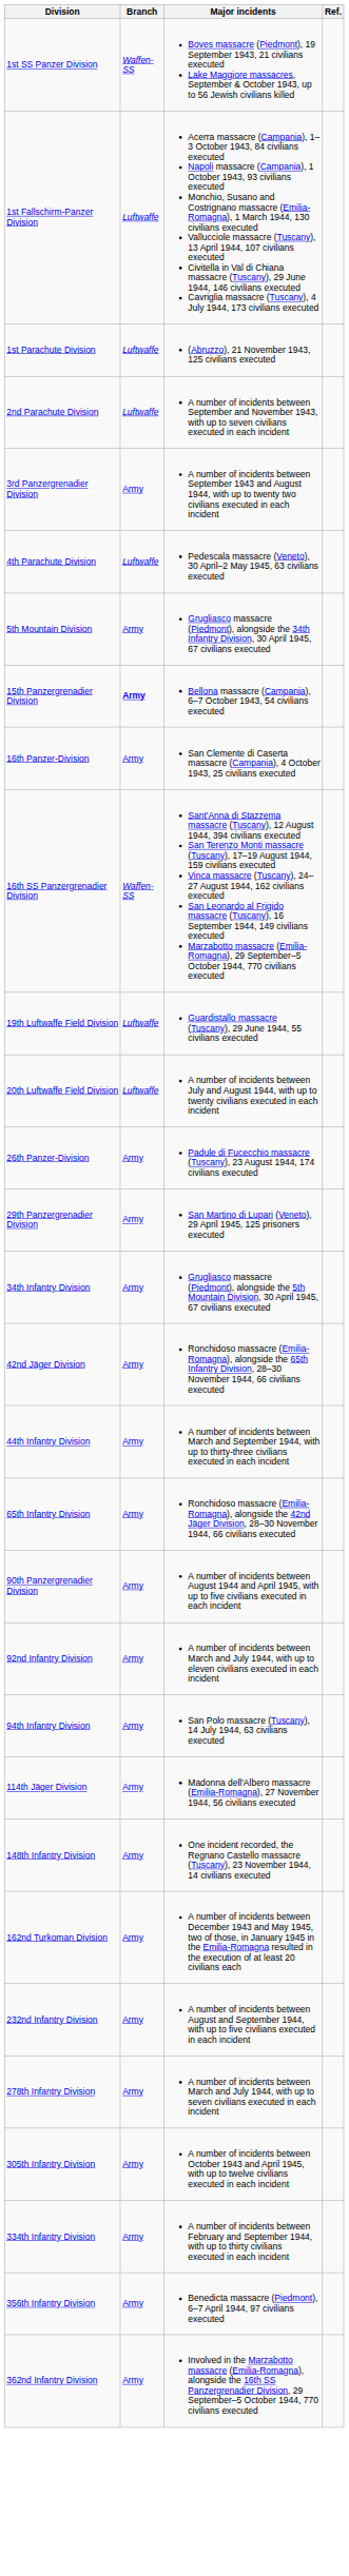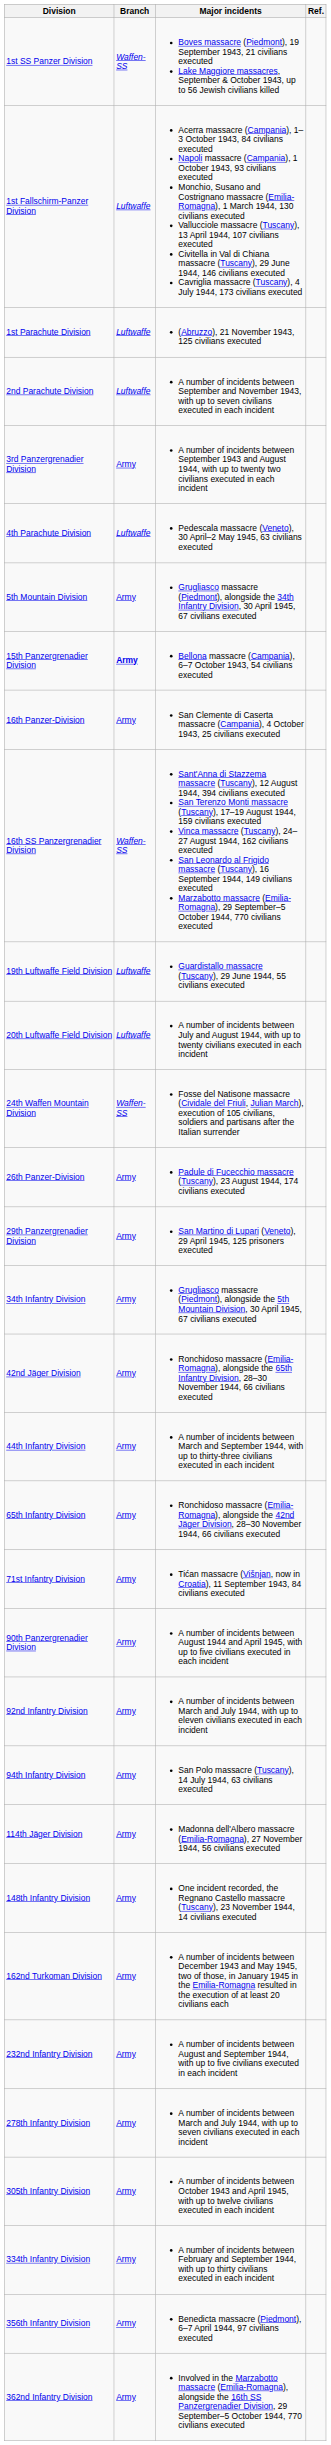 <table class="wikitable sortable">
 <tr align="center" style="background:#dfdfdf">
 <th width="200" scope=col><strong>Division</strong></th>
 <th width="70" scope=col><strong>Branch</strong></th>
 <th scope=col><strong>Major incidents</strong></th>
 <th scope=col class=unsortable><strong>Ref.</strong></th>
 </tr>
 <tr align="left">
 <td><a href='#'>1st SS Panzer Division</a></td>
 <td><em><a href='#'>Waffen-SS</a></em></td>
 <td><br><ul><li><a href='#'>Boves massacre</a> (<a href='#'>Piedmont</a>), 19 September 1943, 21 civilians executed</li><li><a href='#'>Lake Maggiore massacres</a>, September & October 1943, up to 56 Jewish civilians killed</li></ul></td>
 <td></td>
 </tr>
 <tr align="left">
 <td><a href='#'>1st Fallschirm-Panzer Division</a></td>
 <td><em><a href='#'>Luftwaffe</a></em></td>
 <td><br><ul><li>Acerra massacre (<a href='#'>Campania</a>), 1–3 October 1943, 84 civilians executed</li><li><a href='#'>Napoli</a> massacre (<a href='#'>Campania</a>), 1 October 1943, 93 civilians executed</li><li>Monchio, Susano and Costrignano massacre (<a href='#'>Emilia-Romagna</a>), 1 March 1944, 130 civilians executed</li><li>Vallucciole massacre (<a href='#'>Tuscany</a>), 13 April 1944, 107 civilians executed</li><li>Civitella in Val di Chiana massacre (<a href='#'>Tuscany</a>), 29 June 1944, 146 civilians executed</li><li>Cavriglia massacre (<a href='#'>Tuscany</a>), 4 July 1944, 173 civilians executed</li></ul></td>
 <td></td>
 </tr>
 <tr align="left">
 <td><a href='#'>1st Parachute Division</a></td>
 <td><em><a href='#'>Luftwaffe</a></em></td>
 <td><br><ul><li> (<a href='#'>Abruzzo</a>), 21 November 1943, 125 civilians executed</li></ul></td>
 <td></td>
 </tr>
 <tr align="left">
 <td><a href='#'>2nd Parachute Division</a></td>
 <td><em><a href='#'>Luftwaffe</a></em></td>
 <td><br><ul><li>A number of incidents between September and November 1943, with up to seven civilians executed in each incident</li></ul></td>
 <td></td>
 </tr>
 <tr align="left">
 <td><a href='#'>3rd Panzergrenadier Division</a></td>
 <td><a href='#'>Army</a></td>
 <td><br><ul><li>A number of incidents between September 1943 and August 1944, with up to twenty two civilians executed in each incident</li></ul></td>
 <td></td>
 </tr>
 <tr align="left">
 <td><a href='#'>4th Parachute Division</a></td>
 <td><em><a href='#'>Luftwaffe</a></em></td>
 <td><br><ul><li>Pedescala massacre (<a href='#'>Veneto</a>), 30 April–2 May 1945, 63 civilians executed</li></ul></td>
 <td></td>
 </tr>
 <tr align="left">
 <td><a href='#'>5th Mountain Division</a></td>
 <td><a href='#'>Army</a></td>
 <td><br><ul><li><a href='#'>Grugliasco</a> massacre (<a href='#'>Piedmont</a>), alongside the <a href='#'>34th Infantry Division</a>, 30 April 1945, 67 civilians executed</li></ul></td>
 <td></td>
 </tr>
 <tr align="left">
 <td><a href='#'>15th Panzergrenadier Division</a></td>
 <td><strong><a href='#'>Army</a></strong></td>
 <td><br><ul><li><a href='#'>Bellona</a> massacre (<a href='#'>Campania</a>), 6–7 October 1943, 54 civilians executed</li></ul></td>
 <td></td>
 </tr>
 <tr align="left">
 <td><a href='#'>16th Panzer-Division</a></td>
 <td><a href='#'>Army</a></td>
 <td><br><ul><li>San Clemente di Caserta massacre (<a href='#'>Campania</a>), 4 October 1943, 25 civilians executed</li></ul></td>
 <td></td>
 </tr>
 <tr align="left">
 <td><a href='#'>16th SS Panzergrenadier Division</a></td>
 <td><em><a href='#'>Waffen-SS</a></em></td>
 <td><br><ul><li><a href='#'>Sant'Anna di Stazzema massacre</a> (<a href='#'>Tuscany</a>), 12 August 1944, 394 civilians executed</li><li><a href='#'>San Terenzo Monti massacre</a> (<a href='#'>Tuscany</a>), 17–19 August 1944, 159 civilians executed</li><li><a href='#'>Vinca massacre</a> (<a href='#'>Tuscany</a>), 24–27 August 1944, 162 civilians executed </li><li><a href='#'>San Leonardo al Frigido massacre</a> (<a href='#'>Tuscany</a>), 16 September 1944, 149 civilians executed</li><li><a href='#'>Marzabotto massacre</a> (<a href='#'>Emilia-Romagna</a>), 29 September–5 October 1944, 770 civilians executed</li></ul></td>
 <td></td>
 </tr>
 <tr align="left">
 <td><a href='#'>19th Luftwaffe Field Division</a></td>
 <td><em><a href='#'>Luftwaffe</a></em></td>
 <td><br><ul><li><a href='#'>Guardistallo massacre</a> (<a href='#'>Tuscany</a>), 29 June 1944, 55 civilians executed</li></ul></td>
 <td></td>
 </tr>
 <tr align="left">
 <td><a href='#'>20th Luftwaffe Field Division</a></td>
 <td><em><a href='#'>Luftwaffe</a></em></td>
 <td><br><ul><li>A number of incidents between July and August 1944, with up to twenty civilians executed in each incident</li></ul></td>
 <td></td>
 </tr>
 <tr align="left">
+<td><a href='#'>24th Waffen Mountain Division</a></td>
+<td><em><a href='#'>Waffen-SS</a></em></td>
+<td><br><ul><li>Fosse del Natisone massacre (<a href='#'>Cividale del Friuli</a>, <a href='#'>Julian March</a>), execution of 105 civilians, soldiers and partisans after the Italian surrender</li></ul></td>
+<td></td>
+</tr>
+<tr align="left">
 <td><a href='#'>26th Panzer-Division</a></td>
 <td><a href='#'>Army</a></td>
 <td><br><ul><li><a href='#'>Padule di Fucecchio massacre</a> (<a href='#'>Tuscany</a>), 23 August 1944, 174 civilians executed</li></ul></td>
 <td></td>
 </tr>
 <tr align="left">
 <td><a href='#'>29th Panzergrenadier Division</a></td>
 <td><a href='#'>Army</a></td>
 <td><br><ul><li><a href='#'>San Martino di Lupari</a> (<a href='#'>Veneto</a>), 29 April 1945, 125 prisoners executed</li></ul></td>
 <td></td>
 </tr>
 <tr align="left">
 <td><a href='#'>34th Infantry Division</a></td>
 <td><a href='#'>Army</a></td>
 <td><br><ul><li><a href='#'>Grugliasco</a> massacre (<a href='#'>Piedmont</a>), alongside the <a href='#'>5th Mountain Division</a>, 30 April 1945, 67  civilians executed</li></ul></td>
 <td></td>
 </tr>
 <tr align="left">
 <td><a href='#'>42nd Jäger Division</a></td>
 <td><a href='#'>Army</a></td>
 <td><br><ul><li>Ronchidoso massacre (<a href='#'>Emilia-Romagna</a>), alongside the <a href='#'>65th Infantry Division</a>, 28–30 November 1944, 66 civilians executed</li></ul></td>
 <td></td>
 </tr>
 <tr align="left">
 <td><a href='#'>44th Infantry Division</a></td>
 <td><a href='#'>Army</a></td>
 <td><br><ul><li>A number of incidents between March and September 1944, with up to thirty-three civilians executed in each incident</li></ul></td>
 <td></td>
 </tr>
 <tr align="left">
 <td><a href='#'>65th Infantry Division</a></td>
 <td><a href='#'>Army</a></td>
 <td><br><ul><li>Ronchidoso massacre (<a href='#'>Emilia-Romagna</a>), alongside the <a href='#'>42nd Jäger Division</a>, 28–30 November 1944, 66 civilians executed</li></ul></td>
+<td></td>
+</tr>
+<tr align="left">
+<td><a href='#'>71st Infantry Division</a></td>
+<td><a href='#'>Army</a></td>
+<td><br><ul><li>Tićan massacre (<a href='#'>Višnjan</a>, now in <a href='#'>Croatia</a>), 11 September 1943, 84 civilians executed</li></ul></td>
 <td></td>
 </tr>
 <tr align="left">
 <td><a href='#'>90th Panzergrenadier Division</a></td>
 <td><a href='#'>Army</a></td>
 <td><br><ul><li>A number of incidents between August 1944 and April 1945, with up to five civilians executed in each incident</li></ul></td>
 <td></td>
 </tr>
 <tr align="left">
 <td><a href='#'>92nd Infantry Division</a></td>
 <td><a href='#'>Army</a></td>
 <td><br><ul><li>A number of incidents between March and July 1944, with up to eleven civilians executed in each incident</li></ul></td>
 <td></td>
 </tr>
 <tr align="left">
 <td><a href='#'>94th Infantry Division</a></td>
 <td><a href='#'>Army</a></td>
 <td><br><ul><li>San Polo massacre (<a href='#'>Tuscany</a>), 14 July 1944, 63 civilians executed</li></ul></td>
 <td></td>
 </tr>
 <tr align="left">
 <td><a href='#'>114th Jäger Division</a></td>
 <td><a href='#'>Army</a></td>
 <td><br><ul><li>Madonna dell'Albero massacre (<a href='#'>Emilia-Romagna</a>), 27 November 1944, 56 civilians executed</li></ul></td>
 <td></td>
 </tr>
 <tr align="left">
 <td><a href='#'>148th Infantry Division</a></td>
 <td><a href='#'>Army</a></td>
 <td><br><ul><li>One incident recorded, the Regnano Castello massacre (<a href='#'>Tuscany</a>), 23 November 1944, 14 civilians executed</li></ul></td>
 <td></td>
 </tr>
 <tr align="left">
 <td><a href='#'>162nd Turkoman Division</a></td>
 <td><a href='#'>Army</a></td>
 <td><br><ul><li>A number of incidents between December 1943 and May 1945, two of those, in January 1945 in the <a href='#'>Emilia-Romagna</a> resulted in the execution of at least 20 civilians each</li></ul></td>
 <td></td>
 </tr>
 <tr align="left">
 <td><a href='#'>232nd Infantry Division</a></td>
 <td><a href='#'>Army</a></td>
 <td><br><ul><li>A number of incidents between August and September 1944, with up to five civilians executed in each incident</li></ul></td>
 <td></td>
 </tr>
 <tr align="left">
 <td><a href='#'>278th Infantry Division</a></td>
 <td><a href='#'>Army</a></td>
 <td><br><ul><li>A number of incidents between March and July 1944, with up to seven civilians executed in each incident</li></ul></td>
 <td></td>
 </tr>
 <tr align="left">
 <td><a href='#'>305th Infantry Division</a></td>
 <td><a href='#'>Army</a></td>
 <td><br><ul><li>A number of incidents between October 1943 and April 1945, with up to twelve civilians executed in each incident</li></ul></td>
 <td></td>
 </tr>
 <tr align="left">
 <td><a href='#'>334th Infantry Division</a></td>
 <td><a href='#'>Army</a></td>
 <td><br><ul><li>A number of incidents between February and September 1944, with up to thirty civilians executed in each incident</li></ul></td>
 <td></td>
 </tr>
 <tr align="left">
 <td><a href='#'>356th Infantry Division</a></td>
 <td><a href='#'>Army</a></td>
 <td><br><ul><li>Benedicta massacre (<a href='#'>Piedmont</a>), 6–7 April 1944, 97 civilians executed</li></ul></td>
 <td></td>
 </tr>
 <tr align="left">
 <td><a href='#'>362nd Infantry Division</a></td>
 <td><a href='#'>Army</a></td>
 <td><br><ul><li>Involved in the <a href='#'>Marzabotto massacre</a> (<a href='#'>Emilia-Romagna</a>), alongside the <a href='#'>16th SS Panzergrenadier Division</a>, 29 September–5 October 1944, 770 civilians executed</li></ul></td>
 <td></td>
 </tr>
 </table>
